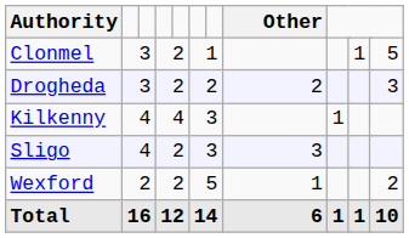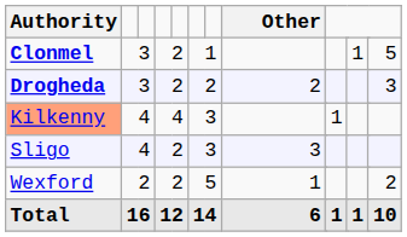 <table class="wikitable" style="text-align:right; padding-left:1em">
 <tr>
 <th align=left>Authority</th>
 <td></td>
 <td></td>
 <td></td>
 <td></td>
 <td></td>
 <td></td>
 <th style="padding-left:2em">Other</th>
 </tr>
 <tr>
-<td align=left><a href='#'>Clonmel</a></td>
+<td align=left><strong><a href='#'>Clonmel</a></strong></td>
 <td colspan=2>3</td>
 <td colspan=2>2</td>
 <td colspan=2>1</td>
 <td colspan=2></td>
 <td colspan=2></td>
 <td colspan=2>1</td>
 <td colspan=2>5</td>
 </tr>
 <tr bgcolor=F3F3FF>
-<td align=left><a href='#'>Drogheda</a></td>
+<td align=left><strong><a href='#'>Drogheda</a></strong></td>
 <td colspan=2>3</td>
 <td colspan=2>2</td>
 <td colspan=2>2</td>
 <td colspan=2>2</td>
 <td colspan=2></td>
 <td colspan=2></td>
 <td colspan=2>3</td>
 </tr>
 <tr>
-<td align=left><a href='#'>Kilkenny</a></td>
+<td align=left style="background: lightsalmon;"><a href='#'>Kilkenny</a></td>
 <td colspan=2>4</td>
 <td colspan=2>4</td>
 <td colspan=2>3</td>
 <td colspan=2></td>
 <td colspan=2>1</td>
 <td colspan=2></td>
 <td colspan=2></td>
 </tr>
 <tr bgcolor=F3F3FF>
 <td align=left><a href='#'>Sligo</a></td>
 <td colspan=2>4</td>
 <td colspan=2>2</td>
 <td colspan=2>3</td>
 <td colspan=2>3</td>
 <td colspan=2></td>
 <td colspan=2></td>
 <td colspan=2></td>
 </tr>
 <tr>
 <td align=left><a href='#'>Wexford</a></td>
 <td colspan=2>2</td>
 <td colspan=2>2</td>
 <td colspan=2>5</td>
 <td colspan=2>1</td>
 <td colspan=2></td>
 <td colspan=2></td>
 <td colspan=2>2</td>
 </tr>
 <tr style="font-weight:bold; background:rgb(232,232,232);">
 <td align=left>Total</td>
 <td colspan=2>16</td>
 <td colspan=2>12</td>
 <td colspan=2>14</td>
 <td colspan=2>6</td>
 <td colspan=2>1</td>
 <td colspan=2>1</td>
 <td colspan=2>10</td>
 </tr>
 </table>
